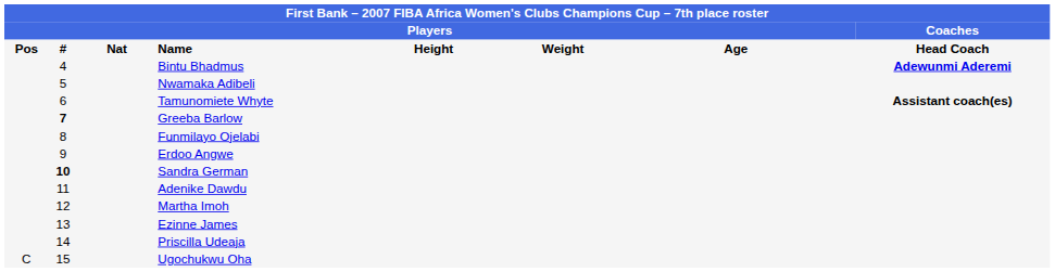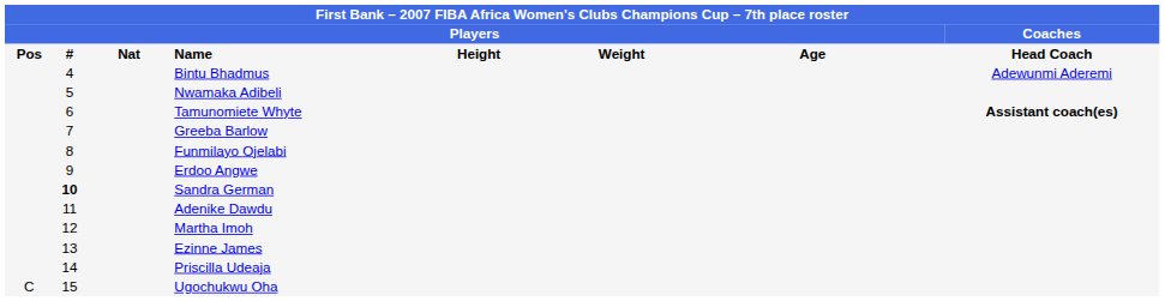 <table border=0 cellpadding=2 cellspacing=0  |- bgcolor=#f5f5f5 style="text-align:center; font-size:90%;" width=75%>
 <tr>
 <td colspan="8" style="background: #4169e1; color: white"><strong>First Bank – 2007 FIBA Africa Women's Clubs Champions Cup – 7th place roster</strong></td>
 </tr>
 <tr>
 <td colspan="7" style="background: #4169e1; color: white"><strong>Players</strong></td>
 <td style="background: #4169e1; color: white"><strong>Coaches</strong></td>
 </tr>
 <tr style="background=#f5f5f5; color: black">
 <th width=5px>Pos</th>
 <th width=5px>#</th>
 <th width=50px>Nat</th>
 <th width=135px align=left>Name</th>
 <th width=100px>Height</th>
 <th width=70px>Weight</th>
 <th width=160px>Age</th>
 <th width=130px>Head Coach</th>
 </tr>
 <tr>
 <td></td>
 <td>4</td>
 <td></td>
 <td align=left><a href='#'>Bintu Bhadmus</a></td>
 <td></td>
 <td></td>
 <td><span></span></td>
-<td><strong> <a href='#'>Adewunmi Aderemi</a></strong></td>
+<td> <a href='#'>Adewunmi Aderemi</a></td>
 </tr>
 <tr>
 <td></td>
 <td>5</td>
 <td></td>
 <td align=left><a href='#'>Nwamaka Adibeli</a></td>
 <td></td>
 <td></td>
 <td><span></span></td>
 </tr>
 <tr>
 <td></td>
 <td>6</td>
 <td></td>
 <td align=left><a href='#'>Tamunomiete Whyte</a></td>
 <td></td>
 <td></td>
 <td><span></span></td>
 <td><strong>Assistant coach(es)</strong></td>
 </tr>
 <tr>
 <td></td>
-<td><strong>7</strong></td>
+<td>7</td>
 <td></td>
 <td align=left><a href='#'>Greeba Barlow</a></td>
 <td></td>
 <td></td>
 <td><span></span></td>
 <td></td>
 </tr>
 <tr>
 <td></td>
 <td>8</td>
 <td></td>
 <td align=left><a href='#'>Funmilayo Ojelabi</a></td>
 <td></td>
 <td></td>
 <td><span></span></td>
 <td></td>
 </tr>
 <tr>
 <td></td>
 <td>9</td>
 <td></td>
 <td align=left><a href='#'>Erdoo Angwe</a></td>
 <td></td>
 <td></td>
 <td><span></span></td>
 </tr>
 <tr>
 <td></td>
 <td><strong>10</strong></td>
 <td></td>
 <td align=left><a href='#'>Sandra German</a></td>
 <td></td>
 <td></td>
 <td><span></span></td>
 </tr>
 <tr>
 <td></td>
 <td>11</td>
 <td></td>
 <td align=left><a href='#'>Adenike Dawdu</a></td>
 <td></td>
 <td></td>
 <td><span></span></td>
 </tr>
 <tr>
 <td></td>
 <td>12</td>
 <td></td>
 <td align=left><a href='#'>Martha Imoh</a></td>
 <td></td>
 <td></td>
 <td><span></span></td>
 </tr>
 <tr>
 <td></td>
 <td>13</td>
 <td></td>
 <td align=left><a href='#'>Ezinne James</a></td>
 <td></td>
 <td></td>
 <td><span></span></td>
 </tr>
 <tr>
 <td></td>
 <td>14</td>
 <td></td>
 <td align=left><a href='#'>Priscilla Udeaja</a></td>
 <td></td>
 <td></td>
 <td><span></span></td>
 </tr>
 <tr>
 <td>C</td>
 <td>15</td>
 <td></td>
 <td align=left><a href='#'>Ugochukwu Oha</a></td>
 <td><span></span></td>
 <td></td>
 <td><span></span></td>
 </tr>
 </table>
